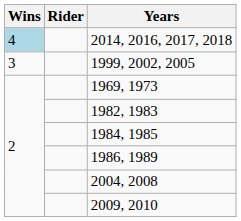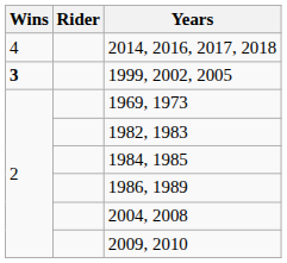 <table class="wikitable">
 <tr>
 <th>Wins</th>
 <th>Rider</th>
 <th>Years</th>
 </tr>
 <tr>
-<td style="background: lightblue;">4</td>
+<td>4</td>
 <td></td>
 <td>2014, 2016, 2017, 2018</td>
 </tr>
 <tr>
-<td>3</td>
+<td><strong>3</strong></td>
 <td></td>
 <td>1999, 2002, 2005</td>
 </tr>
 <tr>
 <td rowspan=6>2</td>
 <td></td>
 <td>1969, 1973</td>
 </tr>
 <tr>
 <td></td>
 <td>1982, 1983</td>
 </tr>
 <tr>
 <td></td>
 <td>1984, 1985</td>
 </tr>
 <tr>
 <td></td>
 <td>1986, 1989</td>
 </tr>
 <tr>
 <td></td>
 <td>2004, 2008</td>
 </tr>
 <tr>
 <td></td>
 <td>2009, 2010</td>
 </tr>
 </table>
